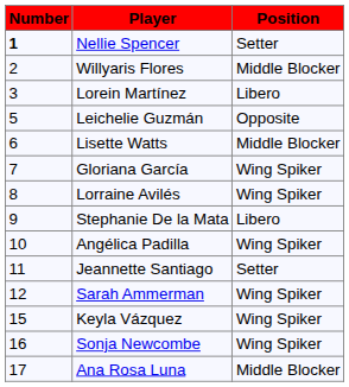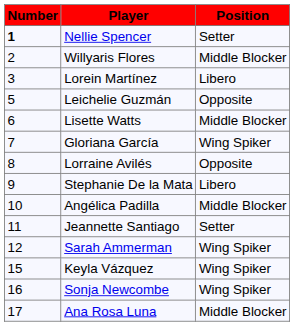 <table bgcolor="#f7f8ff" cellpadding="3" cellspacing="0" border="1" style="font-size: 95%; border: gray solid 1px; border-collapse: collapse;">
 <tr bgcolor="#ff0000">
 <td align=center><strong>Number</strong></td>
 <td align=center><strong>Player</strong></td>
 <td align=center><strong>Position</strong></td>
 </tr>
 <tr align="left">
 <td><strong>1</strong></td>
 <td> <a href='#'>Nellie Spencer</a></td>
 <td>Setter</td>
 </tr>
 <tr align="left">
 <td>2</td>
 <td> Willyaris Flores</td>
 <td>Middle Blocker</td>
 </tr>
 <tr align="left">
 <td>3</td>
 <td> Lorein Martínez</td>
 <td>Libero</td>
 </tr>
 <tr align="left">
 <td>5</td>
 <td> Leichelie Guzmán</td>
 <td>Opposite</td>
 </tr>
 <tr align="left">
 <td>6</td>
 <td> Lisette Watts</td>
 <td>Middle Blocker</td>
 </tr>
 <tr align="left">
 <td>7</td>
 <td> Gloriana García</td>
 <td>Wing Spiker</td>
 </tr>
 <tr align="left">
 <td>8</td>
 <td> Lorraine Avilés</td>
-<td>Wing Spiker</td>
+<td>Opposite</td>
 </tr>
 <tr align="left">
 <td>9</td>
 <td> Stephanie De la Mata</td>
 <td>Libero</td>
 </tr>
 <tr align="left">
 <td>10</td>
 <td> Angélica Padilla</td>
-<td>Wing Spiker</td>
+<td>Middle Blocker</td>
 </tr>
 <tr align="left">
 <td>11</td>
 <td> Jeannette Santiago</td>
 <td>Setter</td>
 </tr>
 <tr align="left">
 <td>12</td>
 <td> <a href='#'>Sarah Ammerman</a></td>
 <td>Wing Spiker</td>
 </tr>
 <tr align="left">
 <td>15</td>
 <td> Keyla Vázquez</td>
 <td>Wing Spiker</td>
 </tr>
 <tr align="left">
 <td>16</td>
 <td> <a href='#'>Sonja Newcombe</a></td>
 <td>Wing Spiker</td>
 </tr>
 <tr align="left">
 <td>17</td>
 <td> <a href='#'>Ana Rosa Luna</a></td>
 <td>Middle Blocker</td>
 </tr>
 </table>
